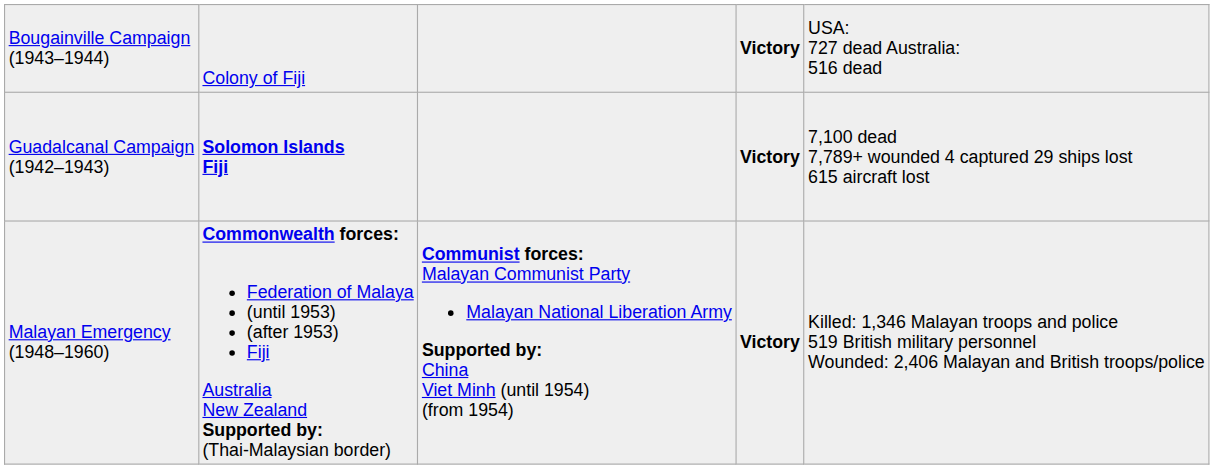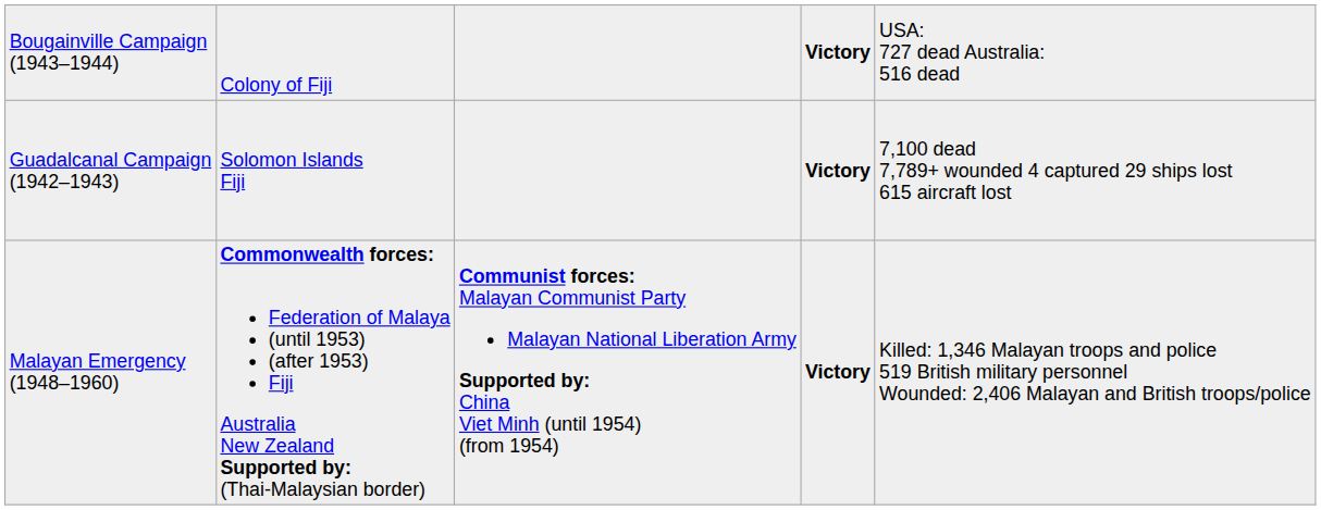 <table class="wikitable">
 <tr>
 <td style="background:#efefef"><a href='#'>Bougainville Campaign</a><br>(1943–1944)</td>
 <td style="background:#efefef"><br><br> <br>  <a href='#'>Colony of Fiji</a></td>
 <td style="background:#efefef"></td>
 <td style="background:#efefef"><strong>Victory</strong></td>
 <td style="background:#efefef"><div>USA:<br>727 dead Australia:<br>516 dead</div></td>
 </tr>
 <tr>
 <td style="background:#efefef"><a href='#'>Guadalcanal Campaign</a><br>(1942–1943)</td>
-<td style="background:#efefef"><strong><br><br>  <a href='#'>Solomon Islands</a><br> <a href='#'>Fiji</a><br><br><br></strong></td>
+<td style="background:#efefef"><br><br>  <a href='#'>Solomon Islands</a><br> <a href='#'>Fiji</a><br><br><br></td>
 <td style="background:#efefef"></td>
 <td style="background:#efefef"><strong>Victory</strong></td>
 <td style="background:#efefef"><div>7,100 dead<br>7,789+ wounded 4 captured 29 ships lost<br>615 aircraft lost</div></td>
 </tr>
 <tr>
 <td style="background:#efefef"><a href='#'>Malayan Emergency</a><br>(1948–1960)</td>
 <td style="background:#efefef"><strong><a href='#'>Commonwealth</a> forces:</strong><br><br><ul><li> <a href='#'>Federation of Malaya</a></li><li> (until 1953)</li><li> (after 1953)</li><li> <a href='#'>Fiji</a></li></ul> <a href='#'>Australia</a><br>  <a href='#'>New Zealand</a> <br><strong>Supported by:</strong><br> (Thai-Malaysian border)</td>
 <td style="background:#efefef"><strong><a href='#'>Communist</a> forces:</strong><br> <a href='#'>Malayan Communist Party</a><br><ul><li> <a href='#'>Malayan National Liberation Army</a></li></ul><strong>Supported by:</strong><br> <a href='#'>China</a><br> <a href='#'>Viet Minh</a> (until 1954)<br> (from 1954)<br><br></td>
 <td style="background:#efefef"><strong>Victory</strong></td>
 <td style="background:#efefef"><div>Killed: 1,346 Malayan troops and police<br>519 British military personnel<br>Wounded: 2,406 Malayan and British troops/police</div></td>
 </tr>
 </table>
